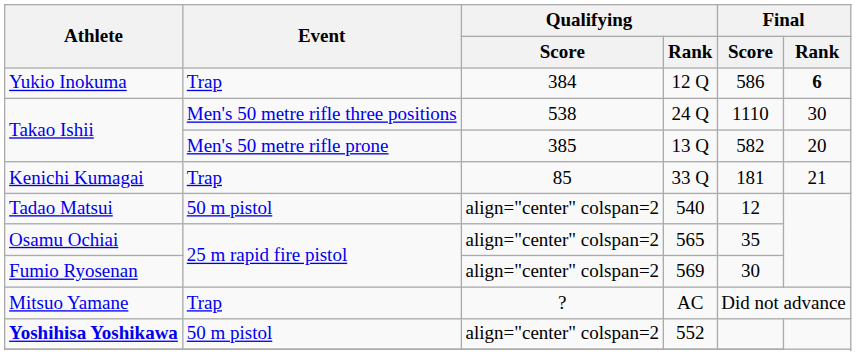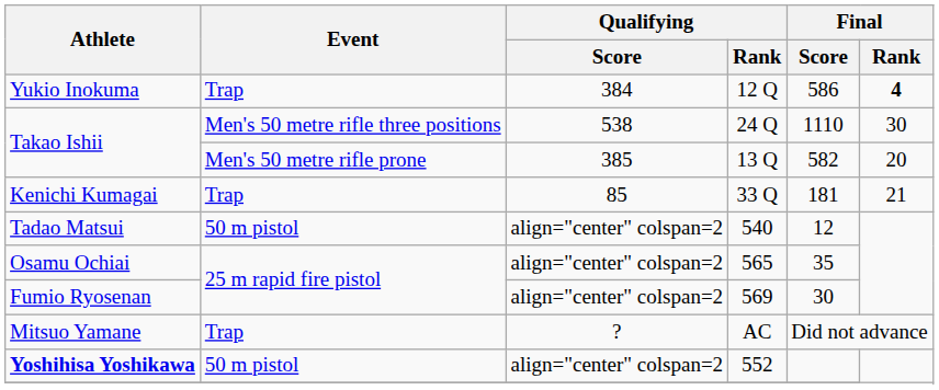 <table class="wikitable" style="font-size:90%">
 <tr>
 <th rowspan="2">Athlete</th>
 <th rowspan="2">Event</th>
 <th colspan="2">Qualifying</th>
 <th colspan="2">Final</th>
 </tr>
 <tr>
 <th>Score</th>
 <th>Rank</th>
 <th>Score</th>
 <th>Rank</th>
 </tr>
 <tr>
 <td rowspan=1><a href='#'>Yukio Inokuma</a></td>
 <td><a href='#'>Trap</a></td>
 <td align="center">384</td>
 <td align="center">12 Q</td>
 <td align="center">586</td>
-<td align="center"><strong>6</strong></td>
+<td align="center"><strong>4</strong></td>
 </tr>
 <tr>
 <td rowspan=2><a href='#'>Takao Ishii</a></td>
 <td><a href='#'>Men's 50 metre rifle three positions</a></td>
 <td align="center">538</td>
 <td align="center">24 Q</td>
 <td align="center">1110</td>
 <td align="center">30</td>
 </tr>
 <tr>
 <td><a href='#'>Men's 50 metre rifle prone</a></td>
 <td align="center">385</td>
 <td align="center">13 Q</td>
 <td align="center">582</td>
 <td align="center">20</td>
 </tr>
 <tr>
 <td><a href='#'>Kenichi Kumagai</a></td>
 <td><a href='#'>Trap</a></td>
 <td align="center">85</td>
 <td align="center">33 Q</td>
 <td align="center">181</td>
 <td align="center">21</td>
 </tr>
 <tr>
 <td rowspan=1><a href='#'>Tadao Matsui</a></td>
 <td rowspan=1><a href='#'>50 m pistol</a></td>
 <td>align="center" colspan=2 </td>
 <td align="center">540</td>
 <td align="center">12</td>
 </tr>
 <tr>
 <td><a href='#'>Osamu Ochiai</a></td>
 <td rowspan=2><a href='#'>25 m rapid fire pistol</a></td>
 <td>align="center" colspan=2 </td>
 <td align="center">565</td>
 <td align="center">35</td>
 </tr>
 <tr>
 <td><a href='#'>Fumio Ryosenan</a></td>
 <td>align="center" colspan=2 </td>
 <td align="center">569</td>
 <td align="center">30</td>
 </tr>
 <tr>
 <td rowspan=1><a href='#'>Mitsuo Yamane</a></td>
 <td><a href='#'>Trap</a></td>
 <td align="center">?</td>
 <td align="center">AC</td>
 <td align="center" colspan=2>Did not advance</td>
 </tr>
 <tr>
 <td rowspan=1><strong><a href='#'>Yoshihisa Yoshikawa</a></strong></td>
 <td rowspan=1><a href='#'>50 m pistol</a></td>
 <td>align="center" colspan=2 </td>
 <td align="center">552</td>
 <td align="center"></td>
 </tr>
 <tr>
 </tr>
 </table>
